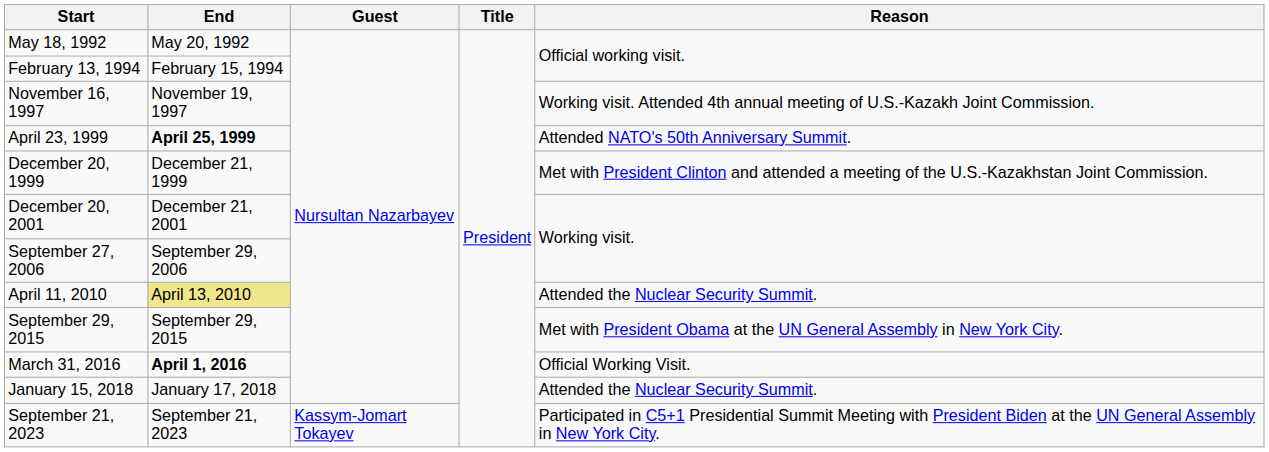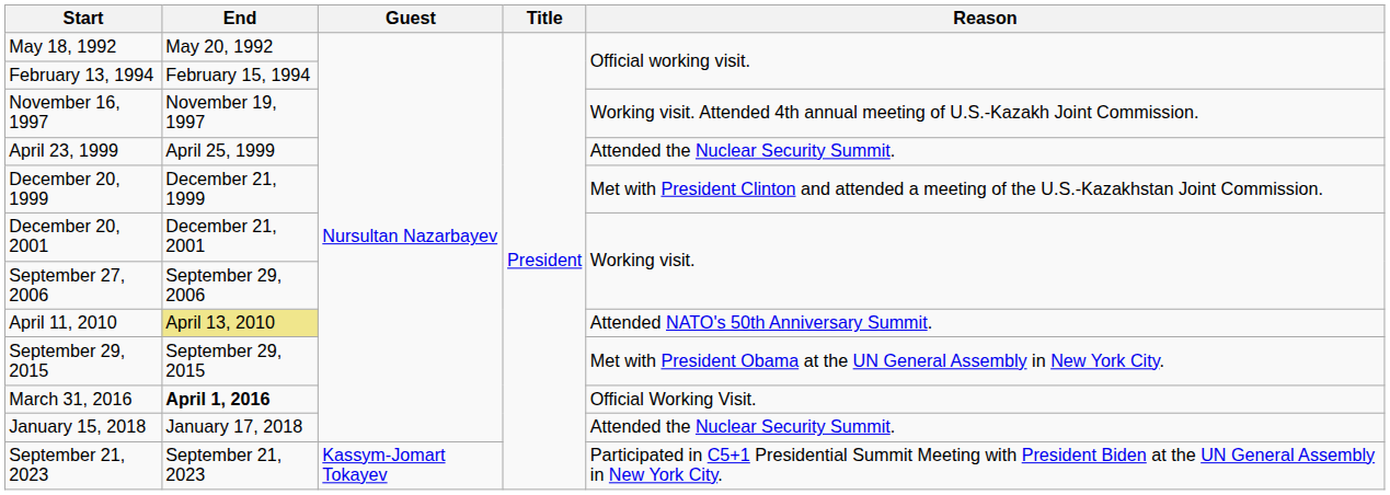 <table class="wikitable sortable">
 <tr>
 <th>Start</th>
 <th>End</th>
 <th>Guest</th>
 <th>Title</th>
 <th>Reason</th>
 </tr>
 <tr>
 <td>May 18, 1992</td>
 <td>May 20, 1992</td>
 <td rowspan=11><a href='#'>Nursultan Nazarbayev</a></td>
 <td rowspan=12><a href='#'>President</a></td>
 <td rowspan=2>Official working visit.</td>
 </tr>
 <tr>
 <td>February 13, 1994</td>
 <td>February 15, 1994</td>
 </tr>
 <tr>
 <td>November 16, 1997</td>
 <td>November 19, 1997</td>
 <td>Working visit. Attended 4th annual meeting of U.S.-Kazakh Joint Commission.</td>
 </tr>
 <tr>
 <td>April 23, 1999</td>
-<td><strong>April 25, 1999</strong></td>
-<td>Attended <a href='#'>NATO's 50th Anniversary Summit</a>.</td>
+<td>April 25, 1999</td>
+<td>Attended the <a href='#'>Nuclear Security Summit</a>.</td>
 </tr>
 <tr>
 <td>December 20, 1999</td>
 <td>December 21, 1999</td>
 <td>Met with <a href='#'>President Clinton</a> and attended a meeting of the U.S.-Kazakhstan Joint Commission.</td>
 </tr>
 <tr>
 <td>December 20, 2001</td>
 <td>December 21, 2001</td>
 <td rowspan=2>Working visit.</td>
 </tr>
 <tr>
 <td>September 27, 2006</td>
 <td>September 29, 2006</td>
 </tr>
 <tr>
 <td>April 11, 2010</td>
 <td style="background: khaki;">April 13, 2010</td>
-<td>Attended the <a href='#'>Nuclear Security Summit</a>.</td>
+<td>Attended <a href='#'>NATO's 50th Anniversary Summit</a>.</td>
 </tr>
 <tr>
 <td>September 29, 2015</td>
 <td>September 29, 2015</td>
 <td>Met with <a href='#'>President Obama</a> at the <a href='#'>UN General Assembly</a> in <a href='#'>New York City</a>.</td>
 </tr>
 <tr>
 <td>March 31, 2016</td>
 <td><strong>April 1, 2016</strong></td>
 <td>Official Working Visit.</td>
 </tr>
 <tr>
 <td>January 15, 2018</td>
 <td>January 17, 2018</td>
 <td>Attended the <a href='#'>Nuclear Security Summit</a>.</td>
 </tr>
 <tr>
 <td>September 21, 2023</td>
 <td>September 21, 2023</td>
 <td><a href='#'>Kassym-Jomart Tokayev</a></td>
 <td>Participated in <a href='#'>C5+1</a> Presidential Summit Meeting with <a href='#'>President Biden</a> at the <a href='#'>UN General Assembly</a> in <a href='#'>New York City</a>.</td>
 </tr>
 </table>
